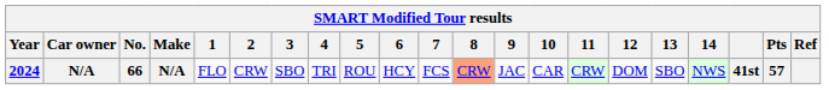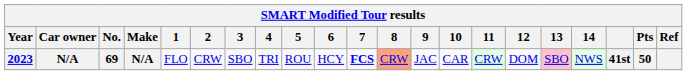 <table class="wikitable" style="text-align:center; font-size:75%">
 <tr>
 <th colspan=38><a href='#'>SMART Modified Tour</a> results</th>
 </tr>
 <tr>
 <th>Year</th>
 <th>Car owner</th>
 <th>No.</th>
 <th>Make</th>
 <th>1</th>
 <th>2</th>
 <th>3</th>
 <th>4</th>
 <th>5</th>
 <th>6</th>
 <th>7</th>
 <th>8</th>
 <th>9</th>
 <th>10</th>
 <th>11</th>
 <th>12</th>
 <th>13</th>
 <th>14</th>
 <th></th>
 <th>Pts</th>
 <th>Ref</th>
 </tr>
 <tr>
-<th><a href='#'>2024</a></th>
+<th><a href='#'>2023</a></th>
 <th>N/A</th>
-<th>66</th>
+<th>69</th>
 <th>N/A</th>
 <td><a href='#'>FLO</a></td>
 <td><a href='#'>CRW</a></td>
 <td><a href='#'>SBO</a></td>
 <td><a href='#'>TRI</a></td>
 <td><a href='#'>ROU</a></td>
 <td><a href='#'>HCY</a></td>
-<td><a href='#'>FCS</a></td>
+<td><strong><a href='#'>FCS</a></strong></td>
 <td style="background: lightsalmon;"><a href='#'>CRW</a></td>
 <td><a href='#'>JAC</a></td>
 <td><a href='#'>CAR</a></td>
 <td style="background:#DFFFDF;"><a href='#'>CRW</a><br></td>
 <td><a href='#'>DOM</a></td>
-<td><a href='#'>SBO</a></td>
+<td style="background: pink;"><a href='#'>SBO</a></td>
 <td style="background:#DFFFDF;"><a href='#'>NWS</a><br></td>
 <th>41st</th>
-<th>57</th>
+<th>50</th>
 <th></th>
 </tr>
 </table>
